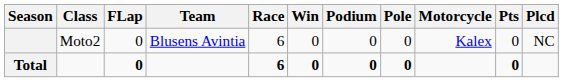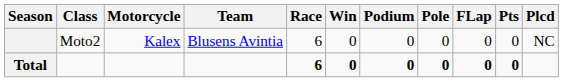 <table class="wikitable" style=text-align:right>
 <tr>
 <th>Season</th>
 <th>Class</th>
-<th>FLap</th>
+<th>Motorcycle</th>
 <th>Team</th>
 <th>Race</th>
 <th>Win</th>
 <th>Podium</th>
 <th>Pole</th>
-<th>Motorcycle</th>
+<th>FLap</th>
 <th>Pts</th>
 <th>Plcd</th>
 </tr>
 <tr>
 <th></th>
 <td>Moto2</td>
-<td>0</td>
+<td><a href='#'>Kalex</a></td>
 <td><a href='#'>Blusens Avintia</a></td>
 <td>6</td>
 <td>0</td>
 <td>0</td>
 <td>0</td>
-<td><a href='#'>Kalex</a></td>
+<td>0</td>
 <td>0</td>
 <td>NC</td>
 </tr>
 <tr>
 <th>Total</th>
 <td></td>
-<td><strong>0</strong></td>
+<td></td>
 <td></td>
 <td><strong>6</strong></td>
 <td><strong>0</strong></td>
 <td><strong>0</strong></td>
 <td><strong>0</strong></td>
-<td></td>
+<td><strong>0</strong></td>
 <td><strong>0</strong></td>
 <td></td>
 </tr>
 </table>
